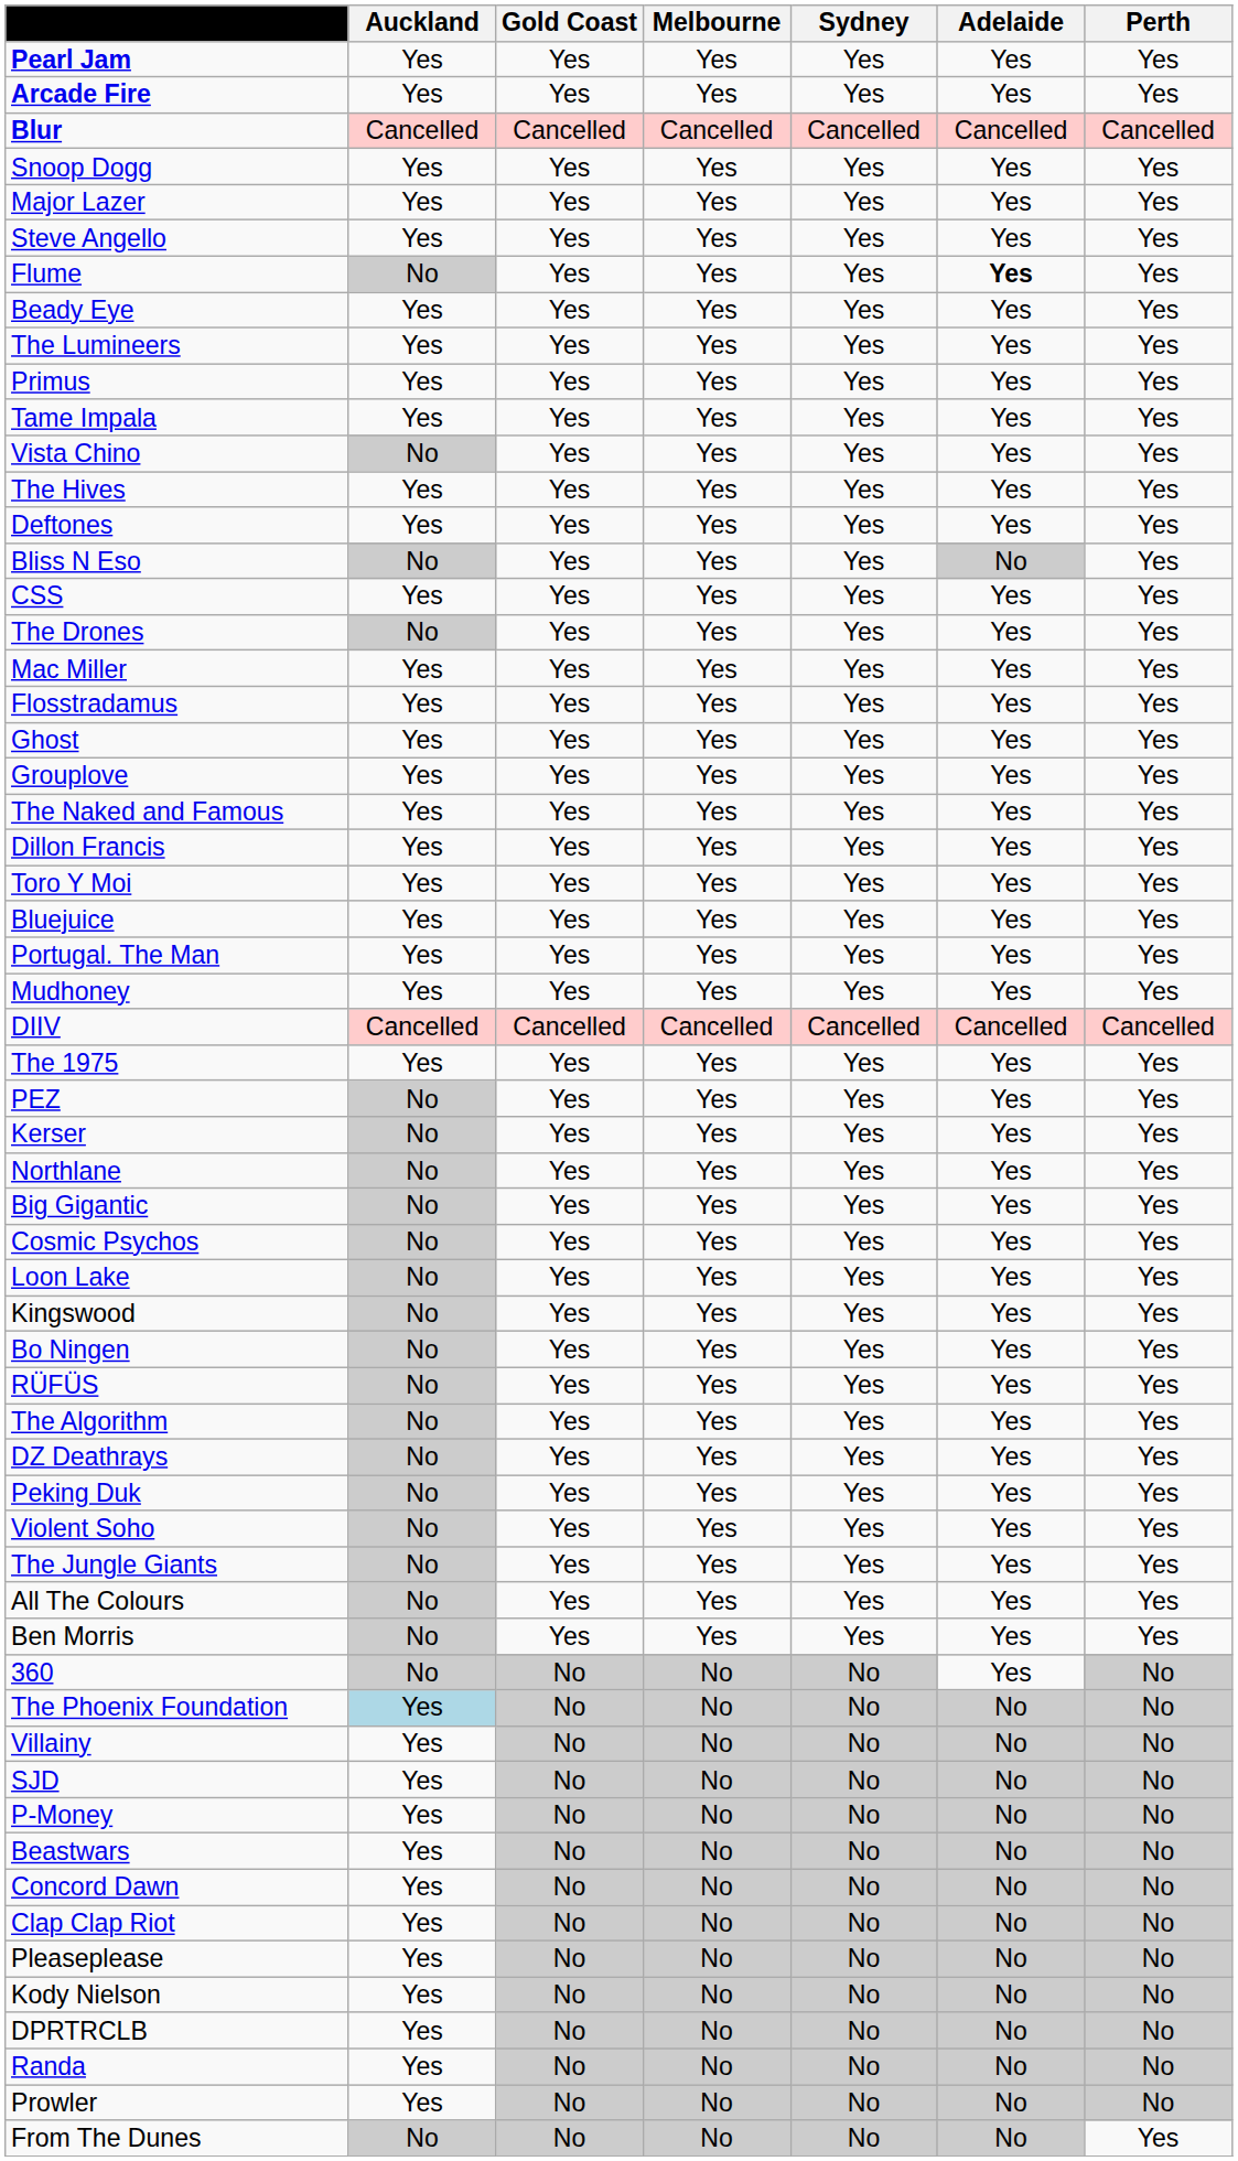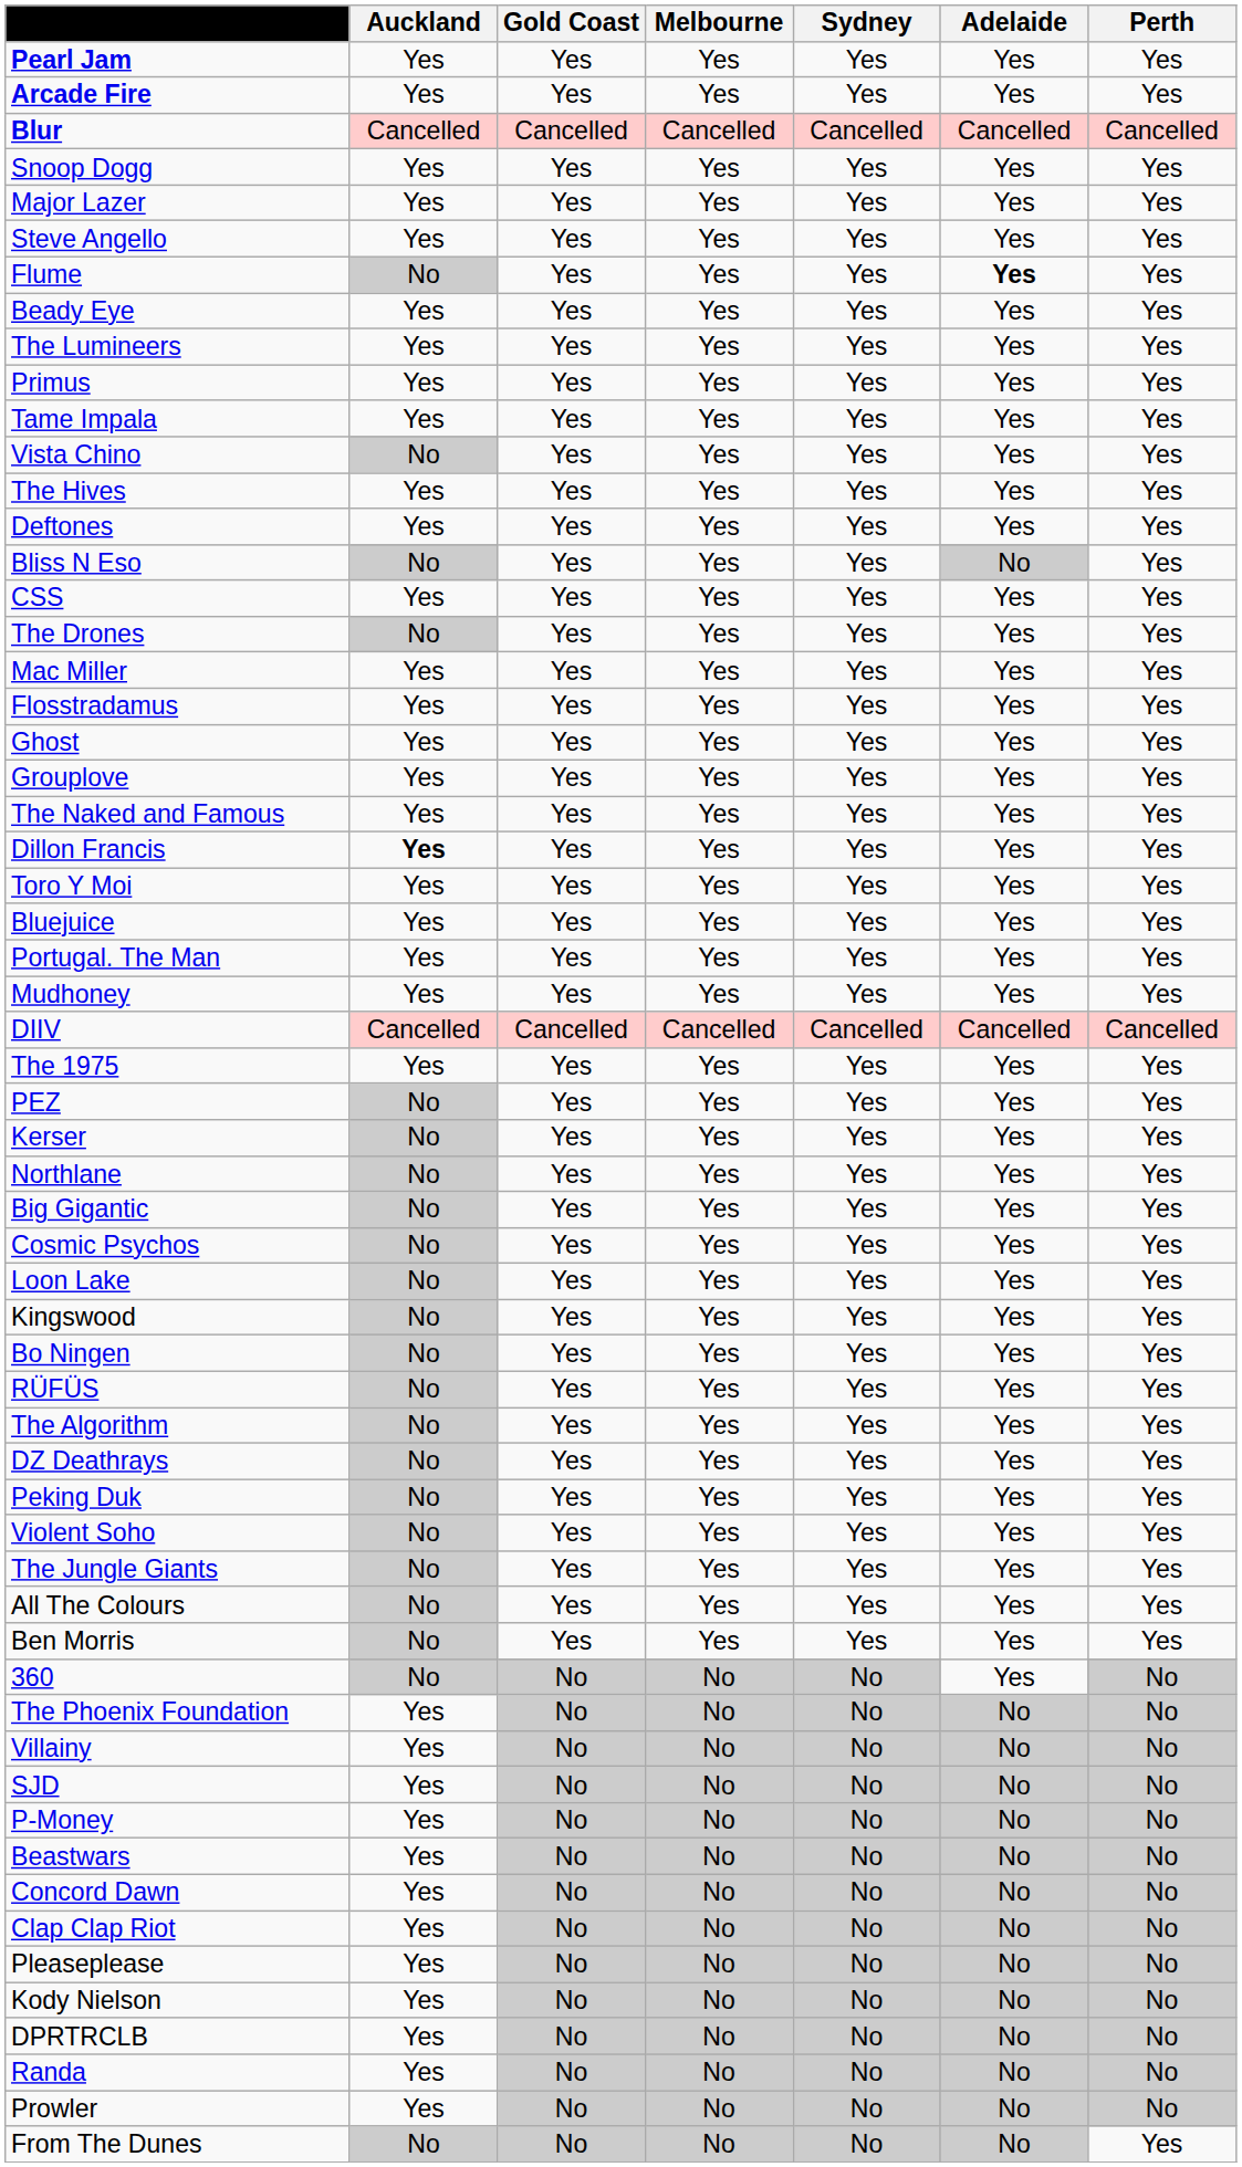 <table class="wikitable sortable" style="line-height:0.95em;">
 <tr>
 <th style="background:#000; width:28%;"> </th>
 <th width=12%>Auckland</th>
 <th width=12%>Gold Coast</th>
 <th width=12%>Melbourne</th>
 <th width=12%>Sydney</th>
 <th width=12%>Adelaide</th>
 <th width=12%>Perth</th>
 </tr>
 <tr align=center>
 <td align=left><strong><a href='#'>Pearl Jam</a></strong></td>
 <td>Yes</td>
 <td>Yes</td>
 <td>Yes</td>
 <td>Yes</td>
 <td>Yes</td>
 <td>Yes</td>
 </tr>
 <tr align=center>
 <td align=left><strong><a href='#'>Arcade Fire</a></strong></td>
 <td>Yes</td>
 <td>Yes</td>
 <td>Yes</td>
 <td>Yes</td>
 <td>Yes</td>
 <td>Yes</td>
 </tr>
 <tr align=center>
 <td align=left><strong><a href='#'>Blur</a></strong></td>
 <td style="background:#fcc;">Cancelled</td>
 <td style="background:#fcc;">Cancelled</td>
 <td style="background:#fcc;">Cancelled</td>
 <td style="background:#fcc;">Cancelled</td>
 <td style="background:#fcc;">Cancelled</td>
 <td style="background:#fcc;">Cancelled</td>
 </tr>
 <tr align=center>
 <td align=left><a href='#'>Snoop Dogg</a></td>
 <td>Yes</td>
 <td>Yes</td>
 <td>Yes</td>
 <td>Yes</td>
 <td>Yes</td>
 <td>Yes</td>
 </tr>
 <tr align=center>
 <td align=left><a href='#'>Major Lazer</a></td>
 <td>Yes</td>
 <td>Yes</td>
 <td>Yes</td>
 <td>Yes</td>
 <td>Yes</td>
 <td>Yes</td>
 </tr>
 <tr align=center>
 <td align=left><a href='#'>Steve Angello</a></td>
 <td>Yes</td>
 <td>Yes</td>
 <td>Yes</td>
 <td>Yes</td>
 <td>Yes</td>
 <td>Yes</td>
 </tr>
 <tr align=center>
 <td align=left><a href='#'>Flume</a></td>
 <td style="background:#ccc;">No</td>
 <td>Yes</td>
 <td>Yes</td>
 <td>Yes</td>
 <td><strong>Yes</strong></td>
 <td>Yes</td>
 </tr>
 <tr align=center>
 <td align=left><a href='#'>Beady Eye</a></td>
 <td>Yes</td>
 <td>Yes</td>
 <td>Yes</td>
 <td>Yes</td>
 <td>Yes</td>
 <td>Yes</td>
 </tr>
 <tr align=center>
 <td align=left><a href='#'>The Lumineers</a></td>
 <td>Yes</td>
 <td>Yes</td>
 <td>Yes</td>
 <td>Yes</td>
 <td>Yes</td>
 <td>Yes</td>
 </tr>
 <tr align=center>
 <td align=left><a href='#'>Primus</a></td>
 <td>Yes</td>
 <td>Yes</td>
 <td>Yes</td>
 <td>Yes</td>
 <td>Yes</td>
 <td>Yes</td>
 </tr>
 <tr align=center>
 <td align=left><a href='#'>Tame Impala</a></td>
 <td>Yes</td>
 <td>Yes</td>
 <td>Yes</td>
 <td>Yes</td>
 <td>Yes</td>
 <td>Yes</td>
 </tr>
 <tr align=center>
 <td align=left><a href='#'>Vista Chino</a></td>
 <td style="background:#ccc;">No</td>
 <td>Yes</td>
 <td>Yes</td>
 <td>Yes</td>
 <td>Yes</td>
 <td>Yes</td>
 </tr>
 <tr align=center>
 <td align=left><a href='#'>The Hives</a></td>
 <td>Yes</td>
 <td>Yes</td>
 <td>Yes</td>
 <td>Yes</td>
 <td>Yes</td>
 <td>Yes</td>
 </tr>
 <tr align=center>
 <td align=left><a href='#'>Deftones</a></td>
 <td>Yes</td>
 <td>Yes</td>
 <td>Yes</td>
 <td>Yes</td>
 <td>Yes</td>
 <td>Yes</td>
 </tr>
 <tr align=center>
 <td align=left><a href='#'>Bliss N Eso</a></td>
 <td style="background:#ccc;">No</td>
 <td>Yes</td>
 <td>Yes</td>
 <td>Yes</td>
 <td style="background:#ccc;">No</td>
 <td>Yes</td>
 </tr>
 <tr align=center>
 <td align=left><a href='#'>CSS</a></td>
 <td>Yes</td>
 <td>Yes</td>
 <td>Yes</td>
 <td>Yes</td>
 <td>Yes</td>
 <td>Yes</td>
 </tr>
 <tr align=center>
 <td align=left><a href='#'>The Drones</a></td>
 <td style="background:#ccc;">No</td>
 <td>Yes</td>
 <td>Yes</td>
 <td>Yes</td>
 <td>Yes</td>
 <td>Yes</td>
 </tr>
 <tr align=center>
 <td align=left><a href='#'>Mac Miller</a></td>
 <td>Yes</td>
 <td>Yes</td>
 <td>Yes</td>
 <td>Yes</td>
 <td>Yes</td>
 <td>Yes</td>
 </tr>
 <tr align=center>
 <td align=left><a href='#'>Flosstradamus</a></td>
 <td>Yes</td>
 <td>Yes</td>
 <td>Yes</td>
 <td>Yes</td>
 <td>Yes</td>
 <td>Yes</td>
 </tr>
 <tr align=center>
 <td align=left><a href='#'>Ghost</a></td>
 <td>Yes</td>
 <td>Yes</td>
 <td>Yes</td>
 <td>Yes</td>
 <td>Yes</td>
 <td>Yes</td>
 </tr>
 <tr align=center>
 <td align=left><a href='#'>Grouplove</a></td>
 <td>Yes</td>
 <td>Yes</td>
 <td>Yes</td>
 <td>Yes</td>
 <td>Yes</td>
 <td>Yes</td>
 </tr>
 <tr align=center>
 <td align=left><a href='#'>The Naked and Famous</a></td>
 <td>Yes</td>
 <td>Yes</td>
 <td>Yes</td>
 <td>Yes</td>
 <td>Yes</td>
 <td>Yes</td>
 </tr>
 <tr align=center>
 <td align=left><a href='#'>Dillon Francis</a></td>
-<td>Yes</td>
+<td><strong>Yes</strong></td>
 <td>Yes</td>
 <td>Yes</td>
 <td>Yes</td>
 <td>Yes</td>
 <td>Yes</td>
 </tr>
 <tr align=center>
 <td align=left><a href='#'>Toro Y Moi</a></td>
 <td>Yes</td>
 <td>Yes</td>
 <td>Yes</td>
 <td>Yes</td>
 <td>Yes</td>
 <td>Yes</td>
 </tr>
 <tr align=center>
 <td align=left><a href='#'>Bluejuice</a></td>
 <td>Yes</td>
 <td>Yes</td>
 <td>Yes</td>
 <td>Yes</td>
 <td>Yes</td>
 <td>Yes</td>
 </tr>
 <tr align=center>
 <td align=left><a href='#'>Portugal. The Man</a></td>
 <td>Yes</td>
 <td>Yes</td>
 <td>Yes</td>
 <td>Yes</td>
 <td>Yes</td>
 <td>Yes</td>
 </tr>
 <tr align=center>
 <td align=left><a href='#'>Mudhoney</a></td>
 <td>Yes</td>
 <td>Yes</td>
 <td>Yes</td>
 <td>Yes</td>
 <td>Yes</td>
 <td>Yes</td>
 </tr>
 <tr align=center>
 <td align=left><a href='#'>DIIV</a></td>
 <td style="background:#fcc;">Cancelled</td>
 <td style="background:#fcc;">Cancelled</td>
 <td style="background:#fcc;">Cancelled</td>
 <td style="background:#fcc;">Cancelled</td>
 <td style="background:#fcc;">Cancelled</td>
 <td style="background:#fcc;">Cancelled</td>
 </tr>
 <tr align=center>
 <td align=left><a href='#'>The 1975</a></td>
 <td>Yes</td>
 <td>Yes</td>
 <td>Yes</td>
 <td>Yes</td>
 <td>Yes</td>
 <td>Yes</td>
 </tr>
 <tr align=center>
 <td align=left><a href='#'>PEZ</a></td>
 <td style="background:#ccc;">No</td>
 <td>Yes</td>
 <td>Yes</td>
 <td>Yes</td>
 <td>Yes</td>
 <td>Yes</td>
 </tr>
 <tr align=center>
 <td align=left><a href='#'>Kerser</a></td>
 <td style="background:#ccc;">No</td>
 <td>Yes</td>
 <td>Yes</td>
 <td>Yes</td>
 <td>Yes</td>
 <td>Yes</td>
 </tr>
 <tr align=center>
 <td align=left><a href='#'>Northlane</a></td>
 <td style="background:#ccc;">No</td>
 <td>Yes</td>
 <td>Yes</td>
 <td>Yes</td>
 <td>Yes</td>
 <td>Yes</td>
 </tr>
 <tr align=center>
 <td align=left><a href='#'>Big Gigantic</a></td>
 <td style="background:#ccc;">No</td>
 <td>Yes</td>
 <td>Yes</td>
 <td>Yes</td>
 <td>Yes</td>
 <td>Yes</td>
 </tr>
 <tr align=center>
 <td align=left><a href='#'>Cosmic Psychos</a> </td>
 <td style="background:#ccc;">No</td>
 <td>Yes</td>
 <td>Yes</td>
 <td>Yes</td>
 <td>Yes</td>
 <td>Yes</td>
 </tr>
 <tr align=center>
 <td align="left"><a href='#'>Loon Lake</a></td>
 <td style="background:#ccc;">No</td>
 <td>Yes</td>
 <td>Yes</td>
 <td>Yes</td>
 <td>Yes</td>
 <td>Yes</td>
 </tr>
 <tr align=center>
 <td align=left>Kingswood</td>
 <td style="background:#ccc;">No</td>
 <td>Yes</td>
 <td>Yes</td>
 <td>Yes</td>
 <td>Yes</td>
 <td>Yes</td>
 </tr>
 <tr align=center>
 <td align=left><a href='#'>Bo Ningen</a></td>
 <td style="background:#ccc;">No</td>
 <td>Yes</td>
 <td>Yes</td>
 <td>Yes</td>
 <td>Yes</td>
 <td>Yes</td>
 </tr>
 <tr align=center>
 <td align=left><a href='#'>RÜFÜS</a></td>
 <td style="background:#ccc;">No</td>
 <td>Yes</td>
 <td>Yes</td>
 <td>Yes</td>
 <td>Yes</td>
 <td>Yes</td>
 </tr>
 <tr align=center>
 <td align=left><a href='#'>The Algorithm</a></td>
 <td style="background:#ccc;">No</td>
 <td>Yes</td>
 <td>Yes</td>
 <td>Yes</td>
 <td>Yes</td>
 <td>Yes</td>
 </tr>
 <tr align=center>
 <td align=left><a href='#'>DZ Deathrays</a></td>
 <td style="background:#ccc;">No</td>
 <td>Yes</td>
 <td>Yes</td>
 <td>Yes</td>
 <td>Yes</td>
 <td>Yes</td>
 </tr>
 <tr align=center>
 <td align=left><a href='#'>Peking Duk</a></td>
 <td style="background:#ccc;">No</td>
 <td>Yes</td>
 <td>Yes</td>
 <td>Yes</td>
 <td>Yes</td>
 <td>Yes</td>
 </tr>
 <tr align=center>
 <td align=left><a href='#'>Violent Soho</a></td>
 <td style="background:#ccc;">No</td>
 <td>Yes</td>
 <td>Yes</td>
 <td>Yes</td>
 <td>Yes</td>
 <td>Yes</td>
 </tr>
 <tr align=center>
 <td align=left><a href='#'>The Jungle Giants</a></td>
 <td style="background:#ccc;">No</td>
 <td>Yes</td>
 <td>Yes</td>
 <td>Yes</td>
 <td>Yes</td>
 <td>Yes</td>
 </tr>
 <tr align=center>
 <td align=left>All The Colours</td>
 <td style="background:#ccc;">No</td>
 <td>Yes</td>
 <td>Yes</td>
 <td>Yes</td>
 <td>Yes</td>
 <td>Yes</td>
 </tr>
 <tr align=center>
 <td align=left>Ben Morris</td>
 <td style="background:#ccc;">No</td>
 <td>Yes</td>
 <td>Yes</td>
 <td>Yes</td>
 <td>Yes</td>
 <td>Yes</td>
 </tr>
 <tr align=center>
 <td align=left><a href='#'>360</a></td>
 <td style="background:#ccc;">No</td>
 <td style="background:#ccc;">No</td>
 <td style="background:#ccc;">No</td>
 <td style="background:#ccc;">No</td>
 <td>Yes</td>
 <td style="background:#ccc;">No</td>
 </tr>
 <tr align=center>
 <td align=left><a href='#'>The Phoenix Foundation</a></td>
-<td style="background: lightblue;">Yes</td>
+<td>Yes</td>
 <td style="background:#ccc;">No</td>
 <td style="background:#ccc;">No</td>
 <td style="background:#ccc;">No</td>
 <td style="background:#ccc;">No</td>
 <td style="background:#ccc;">No</td>
 </tr>
 <tr align=center>
 <td align=left><a href='#'>Villainy</a></td>
 <td>Yes</td>
 <td style="background:#ccc;">No</td>
 <td style="background:#ccc;">No</td>
 <td style="background:#ccc;">No</td>
 <td style="background:#ccc;">No</td>
 <td style="background:#ccc;">No</td>
 </tr>
 <tr align=center>
 <td align=left><a href='#'>SJD</a></td>
 <td>Yes</td>
 <td style="background:#ccc;">No</td>
 <td style="background:#ccc;">No</td>
 <td style="background:#ccc;">No</td>
 <td style="background:#ccc;">No</td>
 <td style="background:#ccc;">No</td>
 </tr>
 <tr align=center>
 <td align=left><a href='#'>P-Money</a></td>
 <td>Yes</td>
 <td style="background:#ccc;">No</td>
 <td style="background:#ccc;">No</td>
 <td style="background:#ccc;">No</td>
 <td style="background:#ccc;">No</td>
 <td style="background:#ccc;">No</td>
 </tr>
 <tr align=center>
 <td align=left><a href='#'>Beastwars</a></td>
 <td>Yes</td>
 <td style="background:#ccc;">No</td>
 <td style="background:#ccc;">No</td>
 <td style="background:#ccc;">No</td>
 <td style="background:#ccc;">No</td>
 <td style="background:#ccc;">No</td>
 </tr>
 <tr align=center>
 <td align=left><a href='#'>Concord Dawn</a></td>
 <td>Yes</td>
 <td style="background:#ccc;">No</td>
 <td style="background:#ccc;">No</td>
 <td style="background:#ccc;">No</td>
 <td style="background:#ccc;">No</td>
 <td style="background:#ccc;">No</td>
 </tr>
 <tr align=center>
 <td align=left><a href='#'>Clap Clap Riot</a></td>
 <td>Yes</td>
 <td style="background:#ccc;">No</td>
 <td style="background:#ccc;">No</td>
 <td style="background:#ccc;">No</td>
 <td style="background:#ccc;">No</td>
 <td style="background:#ccc;">No</td>
 </tr>
 <tr align=center>
 <td align=left>Pleaseplease</td>
 <td>Yes</td>
 <td style="background:#ccc;">No</td>
 <td style="background:#ccc;">No</td>
 <td style="background:#ccc;">No</td>
 <td style="background:#ccc;">No</td>
 <td style="background:#ccc;">No</td>
 </tr>
 <tr align=center>
 <td align=left>Kody Nielson</td>
 <td>Yes</td>
 <td style="background:#ccc;">No</td>
 <td style="background:#ccc;">No</td>
 <td style="background:#ccc;">No</td>
 <td style="background:#ccc;">No</td>
 <td style="background:#ccc;">No</td>
 </tr>
 <tr align=center>
 <td align=left>DPRTRCLB</td>
 <td>Yes</td>
 <td style="background:#ccc;">No</td>
 <td style="background:#ccc;">No</td>
 <td style="background:#ccc;">No</td>
 <td style="background:#ccc;">No</td>
 <td style="background:#ccc;">No</td>
 </tr>
 <tr align=center>
 <td align=left><a href='#'>Randa</a></td>
 <td>Yes</td>
 <td style="background:#ccc;">No</td>
 <td style="background:#ccc;">No</td>
 <td style="background:#ccc;">No</td>
 <td style="background:#ccc;">No</td>
 <td style="background:#ccc;">No</td>
 </tr>
 <tr align=center>
 <td align=left>Prowler</td>
 <td>Yes</td>
 <td style="background:#ccc;">No</td>
 <td style="background:#ccc;">No</td>
 <td style="background:#ccc;">No</td>
 <td style="background:#ccc;">No</td>
 <td style="background:#ccc;">No</td>
 </tr>
 <tr align=center>
 <td align=left>From The Dunes</td>
 <td style="background:#ccc;">No</td>
 <td style="background:#ccc;">No</td>
 <td style="background:#ccc;">No</td>
 <td style="background:#ccc;">No</td>
 <td style="background:#ccc;">No</td>
 <td>Yes</td>
 </tr>
 <tr align=center>
 </tr>
 </table>
